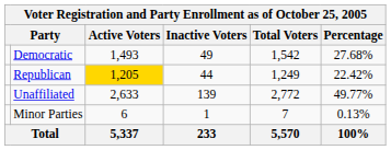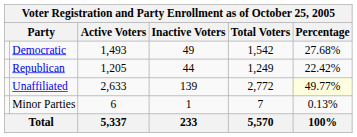 <table class=wikitable>
 <tr>
 <th colspan = 6>Voter Registration and Party Enrollment as of October 25, 2005</th>
 </tr>
 <tr>
 <th colspan = 2>Party</th>
 <th>Active Voters</th>
 <th>Inactive Voters</th>
 <th>Total Voters</th>
 <th>Percentage</th>
 </tr>
 <tr>
 <td></td>
 <td><a href='#'>Democratic</a></td>
 <td align = center>1,493</td>
 <td align = center>49</td>
 <td align = center>1,542</td>
 <td align = center>27.68%</td>
 </tr>
 <tr>
 <td></td>
 <td><a href='#'>Republican</a></td>
-<td align = center style="background: gold;">1,205</td>
+<td align = center>1,205</td>
 <td align = center>44</td>
 <td align = center>1,249</td>
 <td align = center>22.42%</td>
 </tr>
 <tr>
 <td></td>
 <td><a href='#'>Unaffiliated</a></td>
 <td align = center>2,633</td>
 <td align = center>139</td>
 <td align = center>2,772</td>
-<td align = center>49.77%</td>
+<td align = center style="background: lightyellow;">49.77%</td>
 </tr>
 <tr>
 <td></td>
 <td>Minor Parties</td>
 <td align = center>6</td>
 <td align = center>1</td>
 <td align = center>7</td>
 <td align = center>0.13%</td>
 </tr>
 <tr>
 <th colspan = 2>Total</th>
 <th align = center>5,337</th>
 <th align = center>233</th>
 <th align = center>5,570</th>
 <th align = center>100%</th>
 </tr>
 </table>
